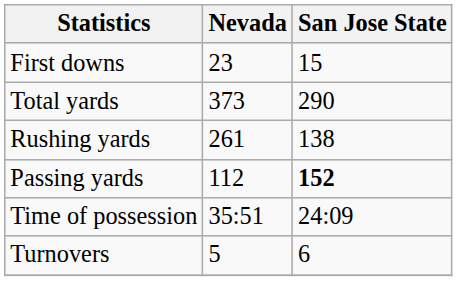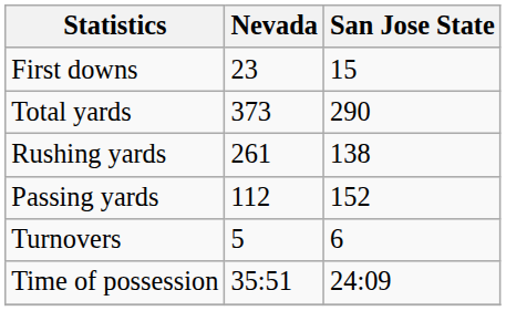 <table class="wikitable">
 <tr>
 <th>Statistics</th>
 <th>Nevada</th>
 <th>San Jose State</th>
 </tr>
 <tr>
 <td>First downs</td>
 <td>23</td>
 <td>15</td>
 </tr>
 <tr>
 <td>Total yards</td>
 <td>373</td>
 <td>290</td>
 </tr>
 <tr>
 <td>Rushing yards</td>
 <td>261</td>
 <td>138</td>
 </tr>
 <tr>
 <td>Passing yards</td>
 <td>112</td>
-<td><strong>152</strong></td>
+<td>152</td>
+</tr>
+<tr>
+<td>Turnovers</td>
+<td>5</td>
+<td>6</td>
 </tr>
 <tr>
 <td>Time of possession</td>
 <td>35:51</td>
 <td>24:09</td>
 </tr>
 <tr>
-<td>Turnovers</td>
-<td>5</td>
-<td>6</td>
-</tr>
-<tr>
 </tr>
 </table>
